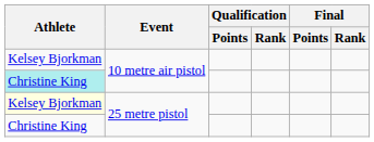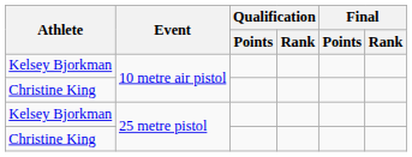 <table class="wikitable" style="font-size:90%;">
 <tr>
 <th rowspan=2>Athlete</th>
 <th rowspan=2>Event</th>
 <th colspan=2>Qualification</th>
 <th colspan=2>Final</th>
 </tr>
 <tr>
 <th>Points</th>
 <th>Rank</th>
 <th>Points</th>
 <th>Rank</th>
 </tr>
 <tr align=center>
 <td align=left><a href='#'>Kelsey Bjorkman</a></td>
 <td align=left rowspan=2><a href='#'>10 metre air pistol</a></td>
 <td></td>
 <td></td>
 <td></td>
 <td></td>
 </tr>
 <tr align=center>
-<td align=left style="background: paleturquoise;"><a href='#'>Christine King</a></td>
+<td align=left><a href='#'>Christine King</a></td>
 <td></td>
 <td></td>
 <td></td>
 <td></td>
 </tr>
 <tr align=center>
-<td align=left style="background: lightyellow;"><a href='#'>Kelsey Bjorkman</a></td>
+<td align=left><a href='#'>Kelsey Bjorkman</a></td>
 <td align=left rowspan=2><a href='#'>25 metre pistol</a></td>
 <td></td>
 <td></td>
 <td></td>
 <td></td>
 </tr>
 <tr align=center>
 <td align=left><a href='#'>Christine King</a></td>
 <td></td>
 <td></td>
 <td></td>
 <td></td>
 </tr>
 </table>
